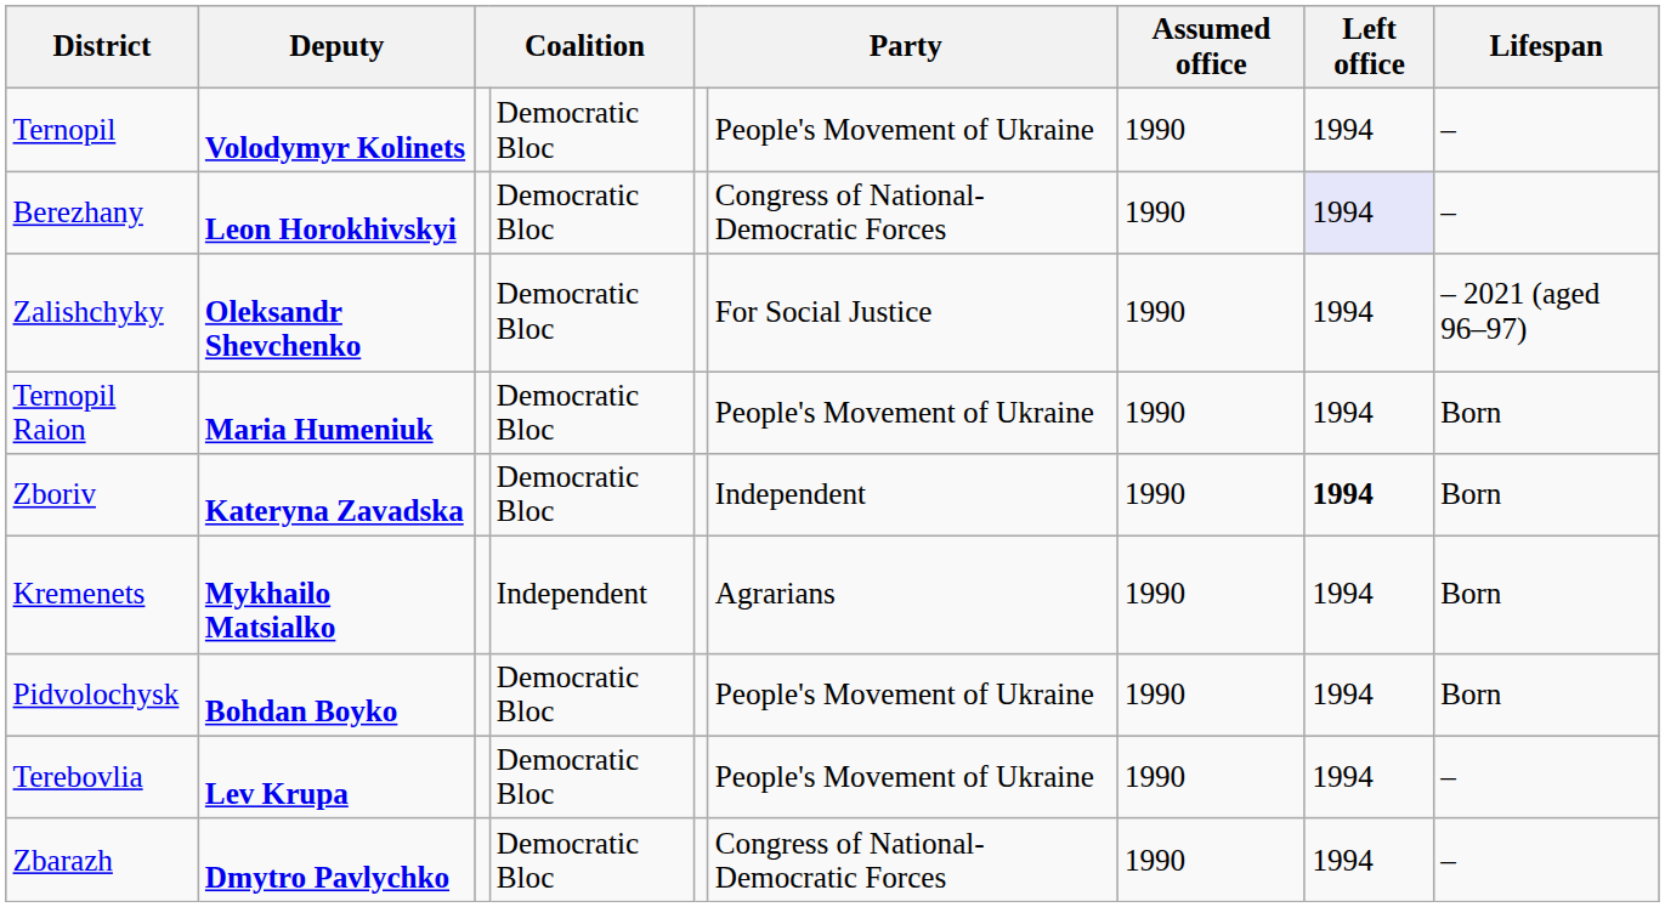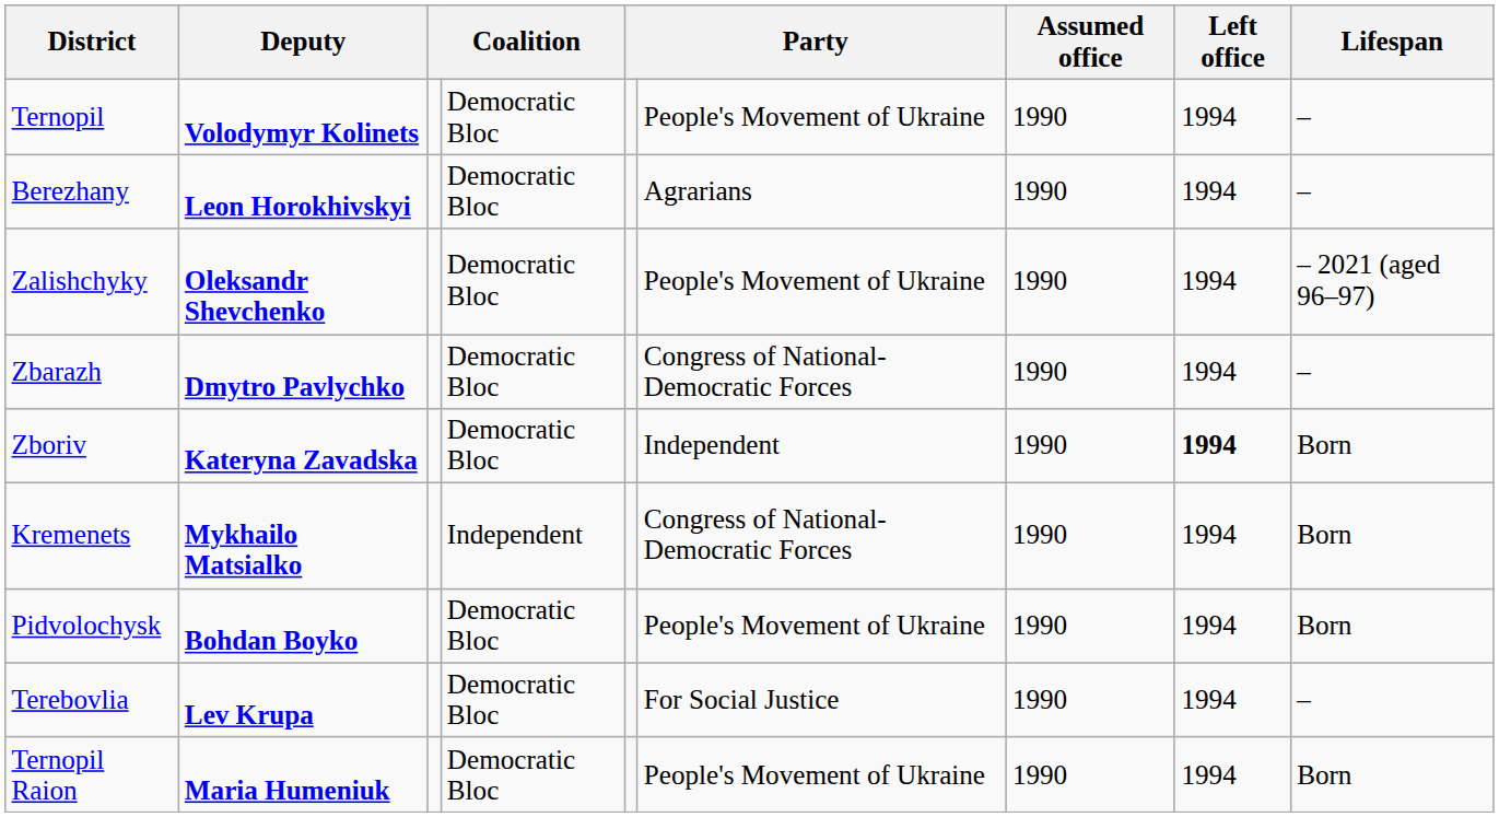 <table class="wikitable standard sortable">
 <tr>
 <th scope="col">District<br></th>
 <th scope="col">Deputy</th>
 <th scope="col" colspan=2>Coalition</th>
 <th scope="col" colspan=2>Party</th>
 <th scope="col">Assumed office</th>
 <th scope="col">Left office</th>
 <th scope="col">Lifespan</th>
 </tr>
 <tr>
 <td><a href='#'>Ternopil</a><br></td>
 <td data-sort-value="Kolinets, Volodymyr"><br><strong><a href='#'>Volodymyr Kolinets</a></strong></td>
 <td style="background-color:"></td>
 <td>Democratic Bloc</td>
 <td style="background-color:"></td>
 <td>People's Movement of Ukraine</td>
 <td>1990</td>
 <td>1994</td>
 <td> – </td>
 </tr>
 <tr>
 <td><a href='#'>Berezhany</a><br></td>
 <td data-sort-value="Horokhivskyi, Leon"><br><strong><a href='#'>Leon Horokhivskyi</a></strong></td>
 <td style="background-color:"></td>
 <td>Democratic Bloc</td>
 <td style="background-color:"></td>
-<td>Congress of National-Democratic Forces</td>
+<td>Agrarians</td>
 <td>1990</td>
-<td style="background: lavender;">1994</td>
+<td>1994</td>
 <td> – </td>
 </tr>
 <tr>
 <td><a href='#'>Zalishchyky</a><br></td>
 <td data-sort-value="Shevchenko, Oleksandr"><br><strong><a href='#'>Oleksandr Shevchenko</a></strong></td>
 <td style="background-color:"></td>
 <td>Democratic Bloc</td>
 <td style="background-color:"></td>
-<td>For Social Justice</td>
+<td>People's Movement of Ukraine</td>
 <td>1990</td>
 <td>1994</td>
 <td> – 2021 (aged 96–97)</td>
 </tr>
 <tr>
-<td><a href='#'>Ternopil Raion</a><br></td>
-<td data-sort-value="Humeniuk, Maria"><br><strong><a href='#'>Maria Humeniuk</a></strong></td>
+<td><a href='#'>Zbarazh</a><br></td>
+<td data-sort-value="Pavlychko, Dmytro"><br><strong><a href='#'>Dmytro Pavlychko</a></strong></td>
 <td style="background-color:"></td>
 <td>Democratic Bloc</td>
 <td style="background-color:"></td>
-<td>People's Movement of Ukraine</td>
+<td>Congress of National-Democratic Forces</td>
 <td>1990</td>
 <td>1994</td>
-<td>Born </td>
+<td> – </td>
 </tr>
 <tr>
 <td><a href='#'>Zboriv</a><br></td>
 <td data-sort-value="Zavadska, Kateryna"><br><strong><a href='#'>Kateryna Zavadska</a></strong></td>
 <td style="background-color:"></td>
 <td>Democratic Bloc</td>
 <td style="background-color:"></td>
 <td>Independent</td>
 <td>1990</td>
 <td><strong>1994</strong></td>
 <td>Born </td>
 </tr>
 <tr>
 <td><a href='#'>Kremenets</a><br></td>
 <td data-sort-value="Matsialko, Mykhailo"><br><strong><a href='#'>Mykhailo Matsialko</a></strong></td>
 <td style="background-color:"></td>
 <td>Independent</td>
 <td style="background-color:"></td>
-<td>Agrarians</td>
+<td>Congress of National-Democratic Forces</td>
 <td>1990</td>
 <td>1994</td>
 <td>Born </td>
 </tr>
 <tr>
 <td><a href='#'>Pidvolochysk</a><br></td>
 <td data-sort-value="Boyko, Bohdan"><br><strong><a href='#'>Bohdan Boyko</a></strong></td>
 <td style="background-color:"></td>
 <td>Democratic Bloc</td>
 <td style="background-color:"></td>
 <td>People's Movement of Ukraine</td>
 <td>1990</td>
 <td>1994</td>
 <td>Born </td>
 </tr>
 <tr>
 <td><a href='#'>Terebovlia</a><br></td>
 <td data-sort-value="Krupa, Lev"><br><strong><a href='#'>Lev Krupa</a></strong></td>
 <td style="background-color:"></td>
 <td>Democratic Bloc</td>
 <td style="background-color:"></td>
-<td>People's Movement of Ukraine</td>
+<td>For Social Justice</td>
 <td>1990</td>
 <td>1994</td>
 <td> – </td>
 </tr>
 <tr>
-<td><a href='#'>Zbarazh</a><br></td>
-<td data-sort-value="Pavlychko, Dmytro"><br><strong><a href='#'>Dmytro Pavlychko</a></strong></td>
+<td><a href='#'>Ternopil Raion</a><br></td>
+<td data-sort-value="Humeniuk, Maria"><br><strong><a href='#'>Maria Humeniuk</a></strong></td>
 <td style="background-color:"></td>
 <td>Democratic Bloc</td>
 <td style="background-color:"></td>
-<td>Congress of National-Democratic Forces</td>
+<td>People's Movement of Ukraine</td>
 <td>1990</td>
 <td>1994</td>
-<td> – </td>
+<td>Born </td>
 </tr>
 </table>
